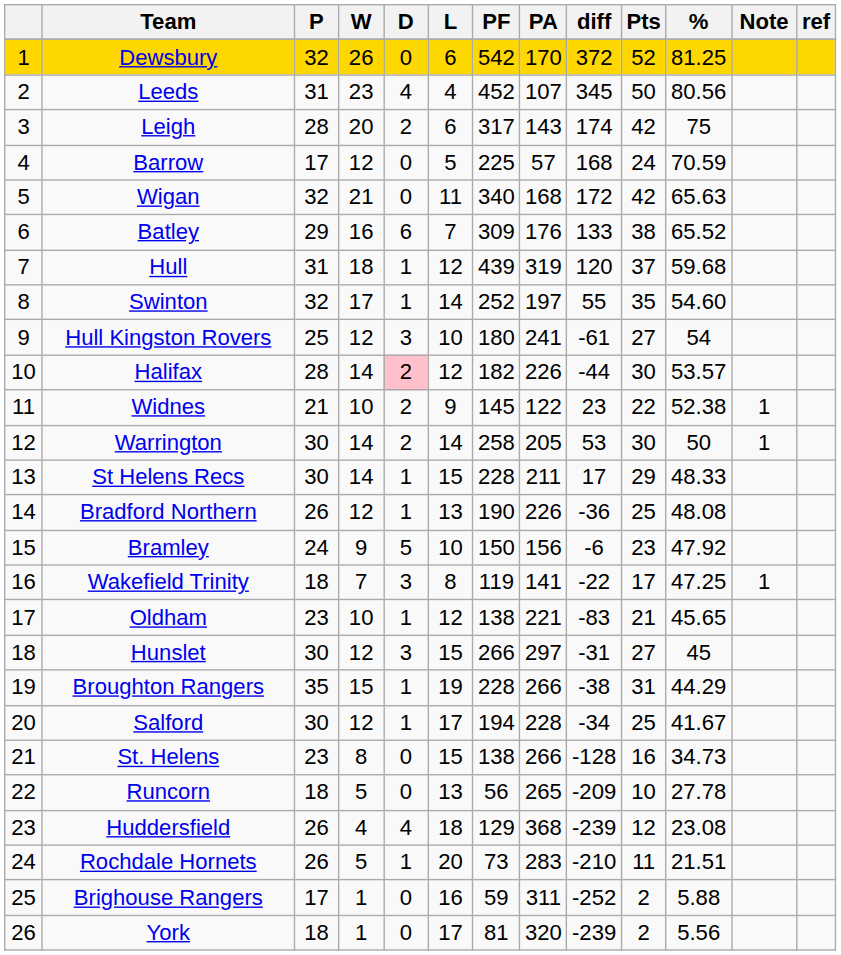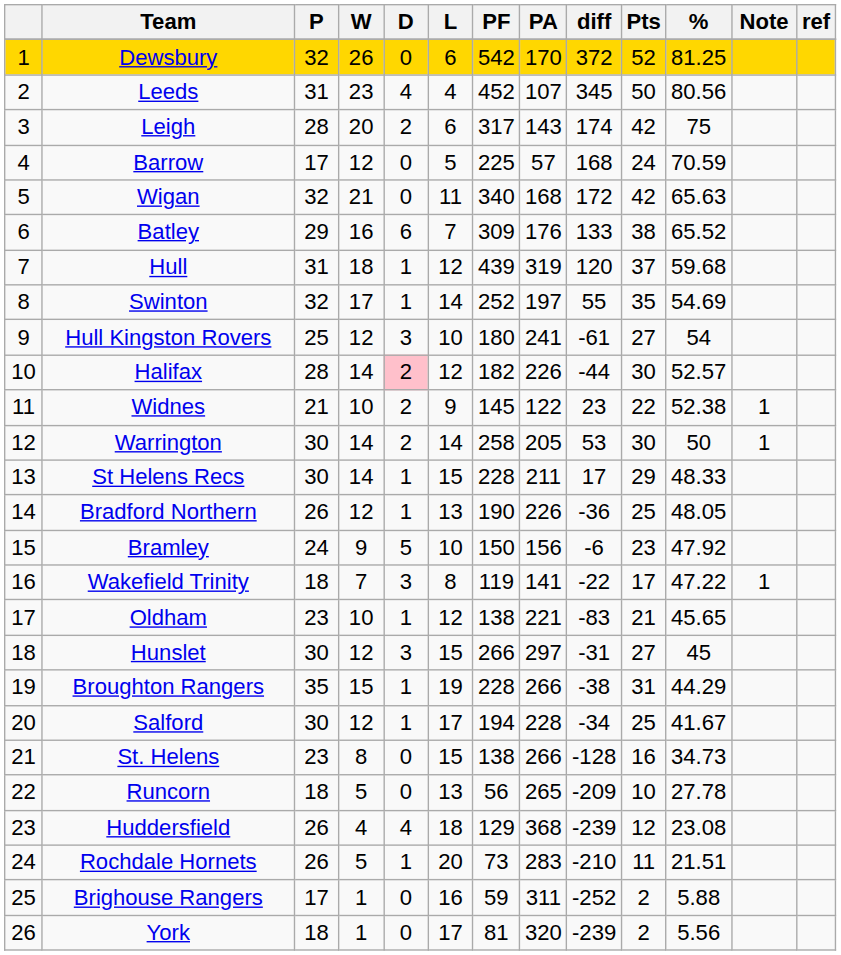 <table class="wikitable" style="text-align:center;">
 <tr>
 <th width=20 abbr="Position"></th>
 <th width=175>Team</th>
 <th width=25 abbr="Played">P</th>
 <th width=25 abbr="Won">W</th>
 <th width=25 abbr="Drawn">D</th>
 <th width=25 abbr="Lost">L</th>
 <th width=25 abbr="Points for">PF</th>
 <th width=25 abbr="Points against">PA</th>
 <th width=30 abbr="Points difference">diff</th>
 <th width=25 abbr="Points">Pts</th>
 <th width=30 abbr=”Win Percentage”>%</th>
 <th width=40 abbr="comments”">Note</th>
 <th width=20 abbr=”Reference”>ref</th>
 </tr>
 <tr>
 </tr>
 <tr align=center style="background:#FFD700;">
 <td>1</td>
 <td><a href='#'>Dewsbury</a></td>
 <td>32</td>
 <td>26</td>
 <td>0</td>
 <td>6</td>
 <td>542</td>
 <td>170</td>
 <td>372</td>
 <td>52</td>
 <td>81.25</td>
 <td></td>
 <td></td>
 </tr>
 <tr align=center style="background:">
 <td>2</td>
 <td><a href='#'>Leeds</a></td>
 <td>31</td>
 <td>23</td>
 <td>4</td>
 <td>4</td>
 <td>452</td>
 <td>107</td>
 <td>345</td>
 <td>50</td>
 <td>80.56</td>
 <td></td>
 <td></td>
 </tr>
 <tr>
 <td>3</td>
 <td><a href='#'>Leigh</a></td>
 <td>28</td>
 <td>20</td>
 <td>2</td>
 <td>6</td>
 <td>317</td>
 <td>143</td>
 <td>174</td>
 <td>42</td>
 <td>75</td>
 <td></td>
 <td></td>
 </tr>
 <tr>
 <td>4</td>
 <td><a href='#'>Barrow</a></td>
 <td>17</td>
 <td>12</td>
 <td>0</td>
 <td>5</td>
 <td>225</td>
 <td>57</td>
 <td>168</td>
 <td>24</td>
 <td>70.59</td>
 <td></td>
 <td></td>
 </tr>
 <tr>
 <td>5</td>
 <td><a href='#'>Wigan</a></td>
 <td>32</td>
 <td>21</td>
 <td>0</td>
 <td>11</td>
 <td>340</td>
 <td>168</td>
 <td>172</td>
 <td>42</td>
 <td>65.63</td>
 <td></td>
 <td></td>
 </tr>
 <tr>
 <td>6</td>
 <td><a href='#'>Batley</a></td>
 <td>29</td>
 <td>16</td>
 <td>6</td>
 <td>7</td>
 <td>309</td>
 <td>176</td>
 <td>133</td>
 <td>38</td>
 <td>65.52</td>
 <td></td>
 <td></td>
 </tr>
 <tr>
 <td>7</td>
 <td><a href='#'>Hull</a></td>
 <td>31</td>
 <td>18</td>
 <td>1</td>
 <td>12</td>
 <td>439</td>
 <td>319</td>
 <td>120</td>
 <td>37</td>
 <td>59.68</td>
 <td></td>
 <td></td>
 </tr>
 <tr>
 <td>8</td>
 <td><a href='#'>Swinton</a></td>
 <td>32</td>
 <td>17</td>
 <td>1</td>
 <td>14</td>
 <td>252</td>
 <td>197</td>
 <td>55</td>
 <td>35</td>
-<td>54.60</td>
+<td>54.69</td>
 <td></td>
 <td></td>
 </tr>
 <tr>
 <td>9</td>
 <td><a href='#'>Hull Kingston Rovers</a></td>
 <td>25</td>
 <td>12</td>
 <td>3</td>
 <td>10</td>
 <td>180</td>
 <td>241</td>
 <td>-61</td>
 <td>27</td>
 <td>54</td>
 <td></td>
 <td></td>
 </tr>
 <tr>
 <td>10</td>
 <td><a href='#'>Halifax</a></td>
 <td>28</td>
 <td>14</td>
 <td style="background: pink;">2</td>
 <td>12</td>
 <td>182</td>
 <td>226</td>
 <td>-44</td>
 <td>30</td>
-<td>53.57</td>
+<td>52.57</td>
 <td></td>
 <td></td>
 </tr>
 <tr>
 <td>11</td>
 <td><a href='#'>Widnes</a></td>
 <td>21</td>
 <td>10</td>
 <td>2</td>
 <td>9</td>
 <td>145</td>
 <td>122</td>
 <td>23</td>
 <td>22</td>
 <td>52.38</td>
 <td>1</td>
 <td></td>
 </tr>
 <tr>
 <td>12</td>
 <td><a href='#'>Warrington</a></td>
 <td>30</td>
 <td>14</td>
 <td>2</td>
 <td>14</td>
 <td>258</td>
 <td>205</td>
 <td>53</td>
 <td>30</td>
 <td>50</td>
 <td>1</td>
 <td></td>
 </tr>
 <tr>
 <td>13</td>
 <td><a href='#'>St Helens Recs</a></td>
 <td>30</td>
 <td>14</td>
 <td>1</td>
 <td>15</td>
 <td>228</td>
 <td>211</td>
 <td>17</td>
 <td>29</td>
 <td>48.33</td>
 <td></td>
 <td></td>
 </tr>
 <tr>
 <td>14</td>
 <td><a href='#'>Bradford Northern</a></td>
 <td>26</td>
 <td>12</td>
 <td>1</td>
 <td>13</td>
 <td>190</td>
 <td>226</td>
 <td>-36</td>
 <td>25</td>
-<td>48.08</td>
+<td>48.05</td>
 <td></td>
 <td></td>
 </tr>
 <tr>
 <td>15</td>
 <td><a href='#'>Bramley</a></td>
 <td>24</td>
 <td>9</td>
 <td>5</td>
 <td>10</td>
 <td>150</td>
 <td>156</td>
 <td>-6</td>
 <td>23</td>
 <td>47.92</td>
 <td></td>
 <td></td>
 </tr>
 <tr>
 <td>16</td>
 <td><a href='#'>Wakefield Trinity</a></td>
 <td>18</td>
 <td>7</td>
 <td>3</td>
 <td>8</td>
 <td>119</td>
 <td>141</td>
 <td>-22</td>
 <td>17</td>
-<td>47.25</td>
+<td>47.22</td>
 <td>1</td>
 <td></td>
 </tr>
 <tr>
 <td>17</td>
 <td><a href='#'>Oldham</a></td>
 <td>23</td>
 <td>10</td>
 <td>1</td>
 <td>12</td>
 <td>138</td>
 <td>221</td>
 <td>-83</td>
 <td>21</td>
 <td>45.65</td>
 <td></td>
 <td></td>
 </tr>
 <tr>
 <td>18</td>
 <td><a href='#'>Hunslet</a></td>
 <td>30</td>
 <td>12</td>
 <td>3</td>
 <td>15</td>
 <td>266</td>
 <td>297</td>
 <td>-31</td>
 <td>27</td>
 <td>45</td>
 <td></td>
 <td></td>
 </tr>
 <tr>
 <td>19</td>
 <td><a href='#'>Broughton Rangers</a></td>
 <td>35</td>
 <td>15</td>
 <td>1</td>
 <td>19</td>
 <td>228</td>
 <td>266</td>
 <td>-38</td>
 <td>31</td>
 <td>44.29</td>
 <td></td>
 <td></td>
 </tr>
 <tr>
 <td>20</td>
 <td><a href='#'>Salford</a></td>
 <td>30</td>
 <td>12</td>
 <td>1</td>
 <td>17</td>
 <td>194</td>
 <td>228</td>
 <td>-34</td>
 <td>25</td>
 <td>41.67</td>
 <td></td>
 <td></td>
 </tr>
 <tr>
 <td>21</td>
 <td><a href='#'>St. Helens</a></td>
 <td>23</td>
 <td>8</td>
 <td>0</td>
 <td>15</td>
 <td>138</td>
 <td>266</td>
 <td>-128</td>
 <td>16</td>
 <td>34.73</td>
 <td></td>
 <td></td>
 </tr>
 <tr>
 <td>22</td>
 <td><a href='#'>Runcorn</a></td>
 <td>18</td>
 <td>5</td>
 <td>0</td>
 <td>13</td>
 <td>56</td>
 <td>265</td>
 <td>-209</td>
 <td>10</td>
 <td>27.78</td>
 <td></td>
 <td></td>
 </tr>
 <tr>
 <td>23</td>
 <td><a href='#'>Huddersfield</a></td>
 <td>26</td>
 <td>4</td>
 <td>4</td>
 <td>18</td>
 <td>129</td>
 <td>368</td>
 <td>-239</td>
 <td>12</td>
 <td>23.08</td>
 <td></td>
 <td></td>
 </tr>
 <tr>
 <td>24</td>
 <td><a href='#'>Rochdale Hornets</a></td>
 <td>26</td>
 <td>5</td>
 <td>1</td>
 <td>20</td>
 <td>73</td>
 <td>283</td>
 <td>-210</td>
 <td>11</td>
 <td>21.51</td>
 <td></td>
 <td></td>
 </tr>
 <tr>
 <td>25</td>
 <td><a href='#'>Brighouse Rangers</a></td>
 <td>17</td>
 <td>1</td>
 <td>0</td>
 <td>16</td>
 <td>59</td>
 <td>311</td>
 <td>-252</td>
 <td>2</td>
 <td>5.88</td>
 <td></td>
 <td></td>
 </tr>
 <tr>
 <td>26</td>
 <td><a href='#'>York</a></td>
 <td>18</td>
 <td>1</td>
 <td>0</td>
 <td>17</td>
 <td>81</td>
 <td>320</td>
 <td>-239</td>
 <td>2</td>
 <td>5.56</td>
 <td></td>
 <td></td>
 </tr>
 </table>
